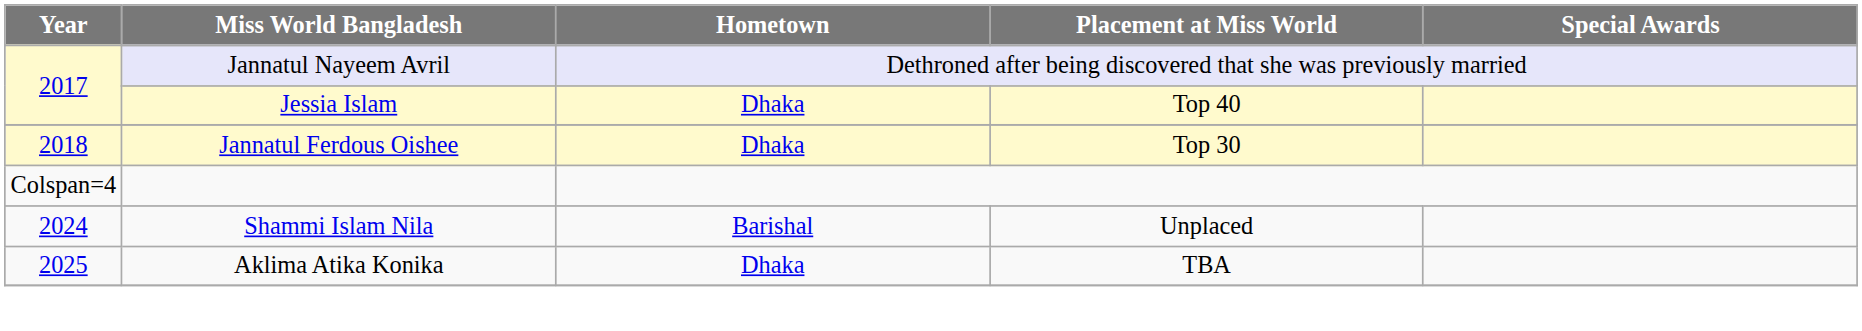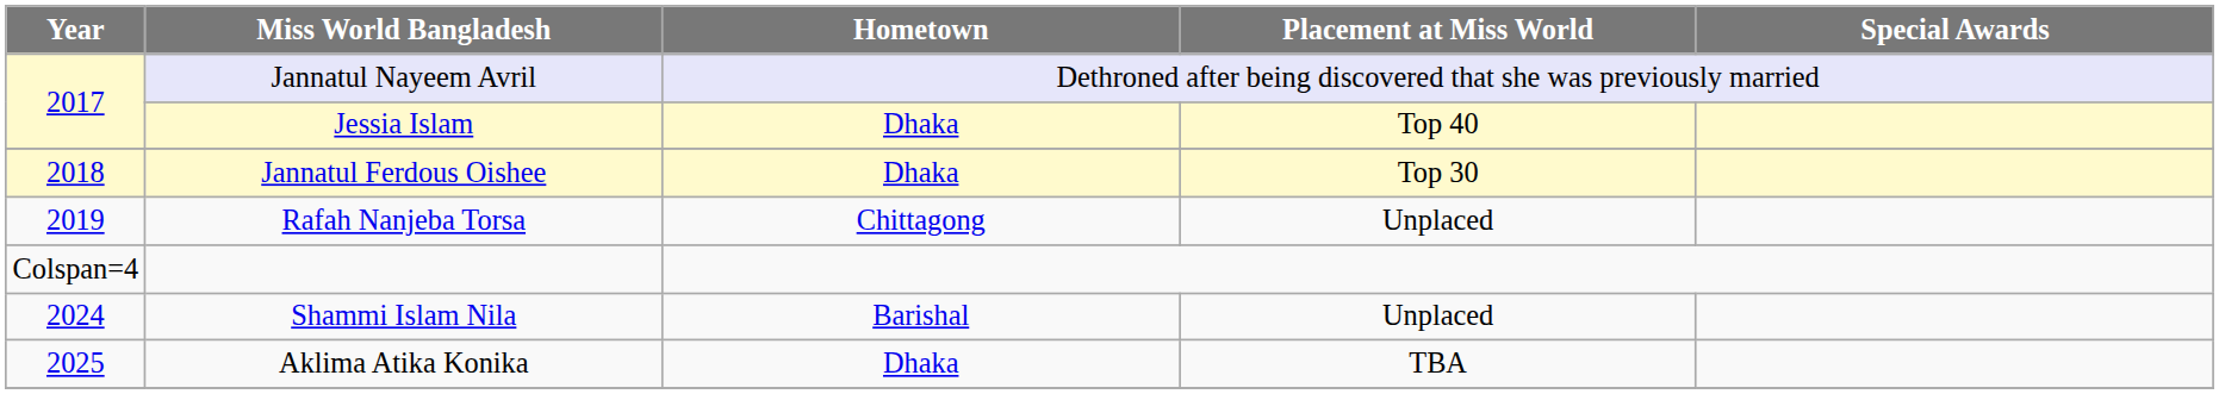 <table class="wikitable sortable" style="font-size: 90%; text-align:center">
 <tr>
 <th width="30" style="background-color:#787878;color:#FFFFFF;">Year</th>
 <th width="250" style="background-color:#787878;color:#FFFFFF;">Miss World Bangladesh</th>
 <th width="250" style="background-color:#787878;color:#FFFFFF;">Hometown</th>
 <th width="250" style="background-color:#787878;color:#FFFFFF;">Placement at Miss World</th>
 <th width="250" style="background-color:#787878;color:#FFFFFF;">Special Awards</th>
 </tr>
 <tr style="background-color:#FFFACD">
 <td rowspan="3"><a href='#'>2017</a></td>
 </tr>
 <tr style="background:lavender;">
 <td>Jannatul Nayeem Avril</td>
 <td colspan="3">Dethroned after being discovered that she was previously married</td>
 </tr>
 <tr style="background-color:#FFFACD">
 <td><a href='#'>Jessia Islam</a></td>
 <td><a href='#'>Dhaka</a></td>
 <td>Top 40</td>
 <td></td>
 </tr>
 <tr>
 </tr>
 <tr style="background-color:#FFFACD">
 <td><a href='#'>2018</a></td>
 <td><a href='#'>Jannatul Ferdous Oishee</a></td>
 <td><a href='#'>Dhaka</a></td>
 <td>Top 30</td>
 <td></td>
 </tr>
 <tr>
+<td><a href='#'>2019</a></td>
+<td><a href='#'>Rafah Nanjeba Torsa</a></td>
+<td><a href='#'>Chittagong</a></td>
+<td>Unplaced</td>
+<td></td>
+</tr>
+<tr>
 <td>Colspan=4 </td>
 <td></td>
 </tr>
 <tr>
 <td><a href='#'>2024</a></td>
 <td><a href='#'>Shammi Islam Nila</a></td>
 <td><a href='#'>Barishal</a></td>
 <td>Unplaced</td>
 <td></td>
 </tr>
 <tr>
 <td><a href='#'>2025</a></td>
 <td>Aklima Atika Konika</td>
 <td><a href='#'>Dhaka</a></td>
 <td>TBA</td>
 <td></td>
 </tr>
 <tr>
 </tr>
 </table>
